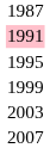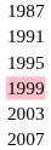 <table>
 <tr>
 <td>1987<br></td>
 <td></td>
 <td></td>
 <td></td>
 </tr>
 <tr>
-<td style="background: pink;">1991<br></td>
+<td>1991<br></td>
 <td></td>
 <td></td>
 <td></td>
 </tr>
 <tr>
 <td>1995<br></td>
 <td></td>
 <td></td>
 <td></td>
 </tr>
 <tr>
-<td>1999<br></td>
+<td style="background: pink;">1999<br></td>
 <td></td>
 <td></td>
 <td></td>
 </tr>
 <tr>
 <td>2003</td>
 <td></td>
 <td></td>
 <td></td>
 </tr>
 <tr>
 <td>2007</td>
 <td></td>
 <td></td>
 <td></td>
 </tr>
 </table>
